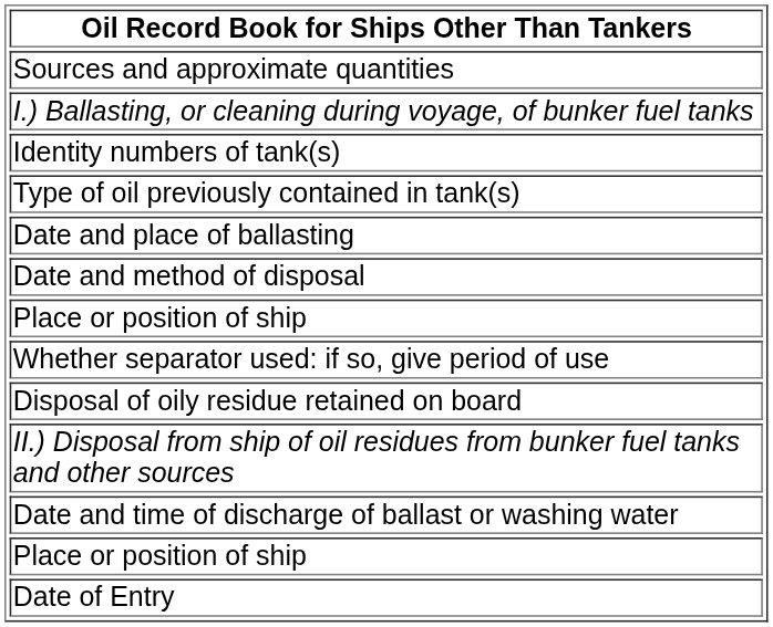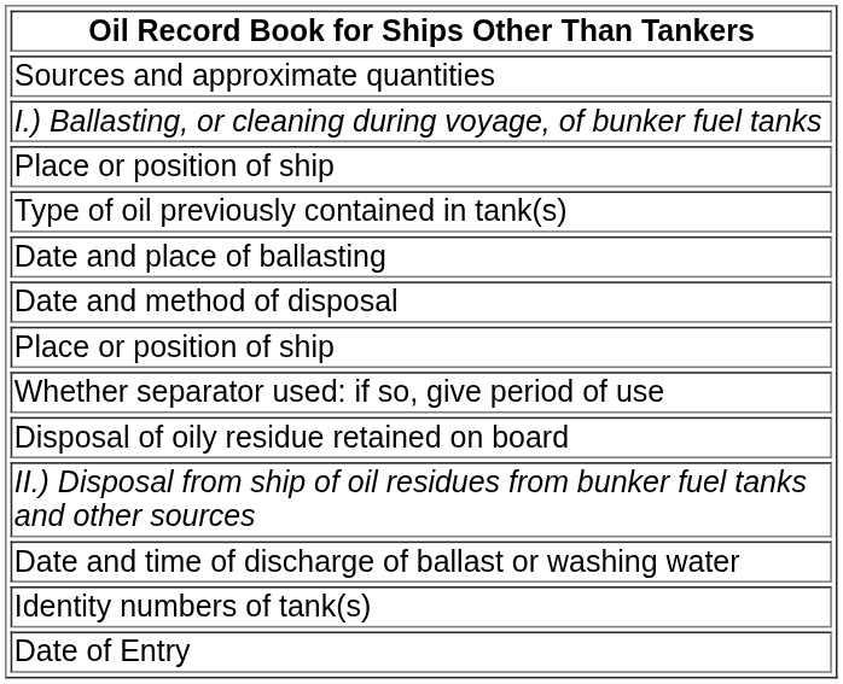 <table border="1" width="35%">
 <tr>
 <th align="center">Oil Record Book for Ships Other Than Tankers</th>
 </tr>
 <tr>
 <td>Sources and approximate quantities</td>
 </tr>
 <tr>
 <td><em>I.) Ballasting, or cleaning during voyage, of bunker fuel tanks</em></td>
 </tr>
 <tr>
-<td>Identity numbers of tank(s)</td>
+<td>Place or position of ship</td>
 </tr>
 <tr>
 <td>Type of oil previously contained in tank(s)</td>
 </tr>
 <tr>
 <td>Date and place of ballasting</td>
 </tr>
 <tr>
 <td>Date and method of disposal</td>
 </tr>
 <tr>
 <td>Place or position of ship</td>
 </tr>
 <tr>
 <td>Whether separator used: if so, give period of use</td>
 </tr>
 <tr>
 <td>Disposal of oily residue retained on board</td>
 </tr>
 <tr>
 <td><em>II.) Disposal from ship of oil residues from bunker fuel tanks and other sources</em></td>
 </tr>
 <tr>
 <td>Date and time of discharge of ballast or washing water</td>
 </tr>
 <tr>
-<td>Place or position of ship</td>
+<td>Identity numbers of tank(s)</td>
 </tr>
 <tr>
 <td>Date of Entry</td>
 </tr>
 </table>
